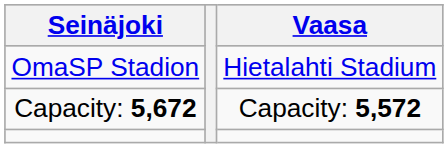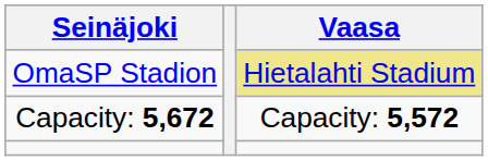 <table class="wikitable" style="text-align:center;margin:1em auto;">
 <tr>
 <th><a href='#'>Seinäjoki</a></th>
 <th rowspan=4 text-align="center"></th>
 <th><a href='#'>Vaasa</a></th>
 </tr>
 <tr>
 <td><a href='#'>OmaSP Stadion</a></td>
-<td><a href='#'>Hietalahti Stadium</a></td>
+<td style="background: khaki;"><a href='#'>Hietalahti Stadium</a></td>
 </tr>
 <tr>
 <td>Capacity: <strong>5,672</strong></td>
 <td>Capacity: <strong>5,572</strong></td>
 </tr>
 <tr>
 <td></td>
 <td></td>
 </tr>
 </table>
